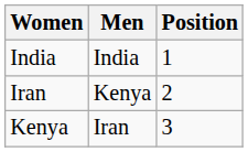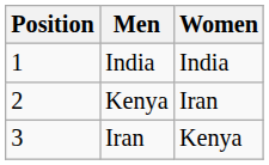 <table class="wikitable">
 <tr>
+<th>Position</th>
+<th>Men</th>
 <th>Women</th>
-<th>Men</th>
-<th>Position</th>
 </tr>
 <tr>
+<td>1</td>
 <td>India</td>
 <td>India</td>
-<td>1</td>
 </tr>
 <tr>
+<td>2</td>
+<td>Kenya</td>
+<td>Iran</td>
+</tr>
+<tr>
+<td>3</td>
 <td>Iran</td>
 <td>Kenya</td>
-<td>2</td>
-</tr>
-<tr>
-<td>Kenya</td>
-<td>Iran</td>
-<td>3</td>
 </tr>
 </table>
